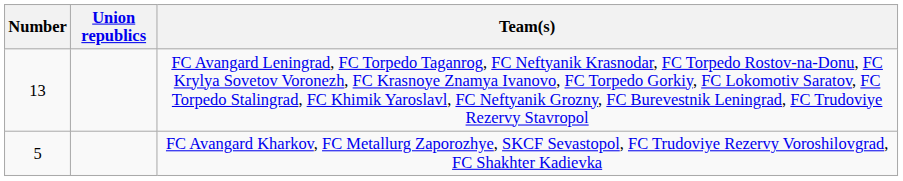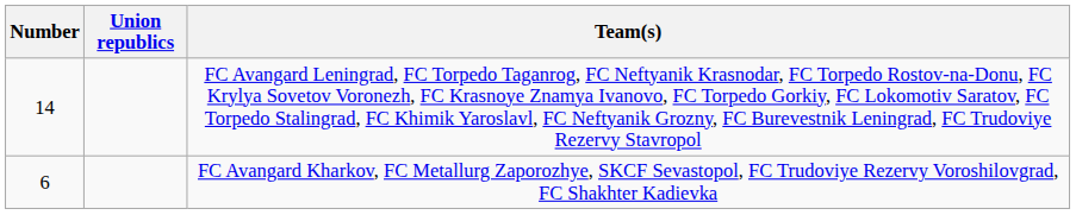 <table class="wikitable" style="text-align:center">
 <tr>
 <th>Number</th>
 <th><a href='#'>Union republics</a></th>
 <th>Team(s)</th>
 </tr>
 <tr>
-<td rowspan="1">13</td>
+<td rowspan="1">14</td>
 <td align="left"></td>
 <td><a href='#'>FC Avangard Leningrad</a>, <a href='#'>FC Torpedo Taganrog</a>, <a href='#'>FC Neftyanik Krasnodar</a>, <a href='#'>FC Torpedo Rostov-na-Donu</a>, <a href='#'>FC Krylya Sovetov Voronezh</a>, <a href='#'>FC Krasnoye Znamya Ivanovo</a>, <a href='#'>FC Torpedo Gorkiy</a>, <a href='#'>FC Lokomotiv Saratov</a>, <a href='#'>FC Torpedo Stalingrad</a>, <a href='#'>FC Khimik Yaroslavl</a>, <a href='#'>FC Neftyanik Grozny</a>, <a href='#'>FC Burevestnik Leningrad</a>, <a href='#'>FC Trudoviye Rezervy Stavropol</a></td>
 </tr>
 <tr>
-<td rowspan="1">5</td>
+<td rowspan="1">6</td>
 <td align="left"></td>
 <td><a href='#'>FC Avangard Kharkov</a>, <a href='#'>FC Metallurg Zaporozhye</a>, <a href='#'>SKCF Sevastopol</a>, <a href='#'>FC Trudoviye Rezervy Voroshilovgrad</a>, <a href='#'>FC Shakhter Kadievka</a></td>
 </tr>
 </table>
